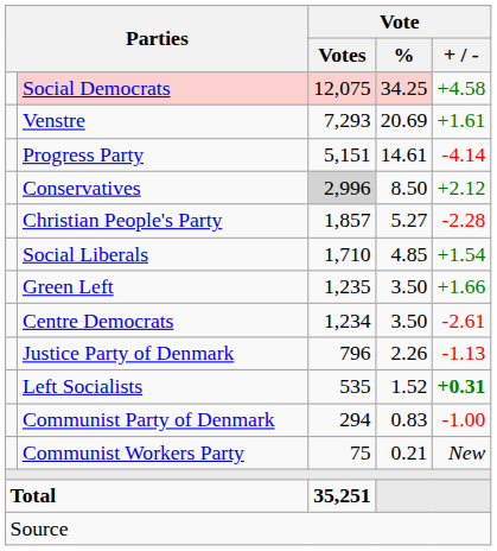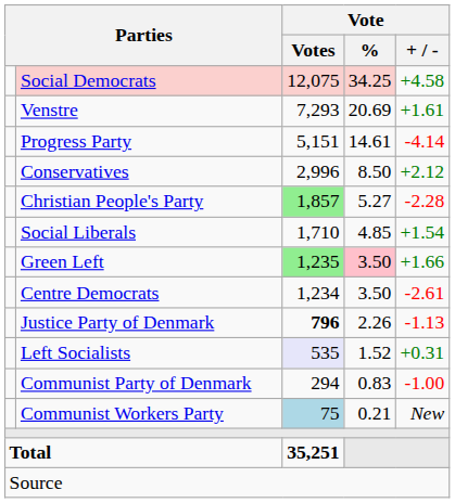 <table class="wikitable" style="text-align:right;">
 <tr>
 <th style="text-align:centre;" rowspan="2" colspan="2" width="225">Parties</th>
 <th colspan="3">Vote</th>
 </tr>
 <tr>
 <th width="15">Votes</th>
 <th width="15">%</th>
 <th width="15">+ / -</th>
 </tr>
 <tr>
 <td width="2" style="color:inherit;background:"></td>
 <td bgcolor=#fbd0ce  align="left"><a href='#'>Social Democrats</a></td>
 <td bgcolor=#fbd0ce>12,075</td>
 <td bgcolor=#fbd0ce>34.25</td>
 <td style=color:green;>+4.58</td>
 </tr>
 <tr>
 <td width="2" style="color:inherit;background:"></td>
 <td align="left"><a href='#'>Venstre</a></td>
 <td>7,293</td>
 <td>20.69</td>
 <td style=color:green;>+1.61</td>
 </tr>
 <tr>
 <td width="2" style="color:inherit;background:"></td>
 <td align="left"><a href='#'>Progress Party</a></td>
 <td>5,151</td>
 <td>14.61</td>
 <td style=color:red;>-4.14</td>
 </tr>
 <tr>
 <td width="2" style="color:inherit;background:"></td>
 <td align="left"><a href='#'>Conservatives</a></td>
-<td style="background: lightgrey;">2,996</td>
+<td>2,996</td>
 <td>8.50</td>
 <td style=color:green;>+2.12</td>
 </tr>
 <tr>
 <td width="2" style="color:inherit;background:"></td>
 <td align="left"><a href='#'>Christian People's Party</a></td>
-<td>1,857</td>
+<td style="background: lightgreen;">1,857</td>
 <td>5.27</td>
 <td style=color:red;>-2.28</td>
 </tr>
 <tr>
 <td width="2" style="color:inherit;background:"></td>
 <td align="left"><a href='#'>Social Liberals</a></td>
 <td>1,710</td>
 <td>4.85</td>
 <td style=color:green;>+1.54</td>
 </tr>
 <tr>
 <td width="2" style="color:inherit;background:"></td>
 <td align="left"><a href='#'>Green Left</a></td>
-<td>1,235</td>
-<td>3.50</td>
+<td style="background: lightgreen;">1,235</td>
+<td style="background: pink;">3.50</td>
 <td style=color:green;>+1.66</td>
 </tr>
 <tr>
 <td width="2" style="color:inherit;background:"></td>
 <td align="left"><a href='#'>Centre Democrats</a></td>
 <td>1,234</td>
 <td>3.50</td>
 <td style=color:red;>-2.61</td>
 </tr>
 <tr>
 <td width="2" style="color:inherit;background:"></td>
 <td align="left"><a href='#'>Justice Party of Denmark</a></td>
-<td>796</td>
+<td><strong>796</strong></td>
 <td>2.26</td>
 <td style=color:red;>-1.13</td>
 </tr>
 <tr>
 <td width="2" style="color:inherit;background:"></td>
 <td align="left"><a href='#'>Left Socialists</a></td>
-<td>535</td>
+<td style="background: lavender;">535</td>
 <td>1.52</td>
-<td style=color:green;><strong>+0.31</strong></td>
+<td style=color:green;>+0.31</td>
 </tr>
 <tr>
 <td width="2" style="color:inherit;background:"></td>
 <td align="left"><a href='#'>Communist Party of Denmark</a></td>
 <td>294</td>
 <td>0.83</td>
 <td style=color:red;>-1.00</td>
 </tr>
 <tr>
 <td width="2" style="color:inherit;background:"></td>
 <td align="left"><a href='#'>Communist Workers Party</a></td>
-<td>75</td>
+<td style="background: lightblue;">75</td>
 <td>0.21</td>
 <td><em>New</em></td>
 </tr>
 <tr>
 <td colspan="7" bgcolor="#E9E9E9"></td>
 </tr>
 <tr>
 <td align="left" colspan="2"><strong>Total</strong></td>
 <td><strong>35,251</strong></td>
 <td bgcolor="#E9E9E9" colspan="2"></td>
 </tr>
 <tr>
 <td align="left" colspan="6">Source</td>
 </tr>
 </table>
